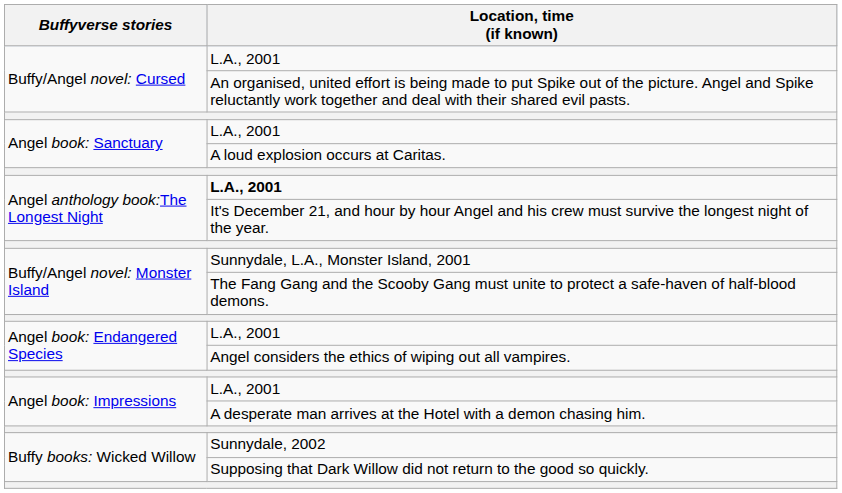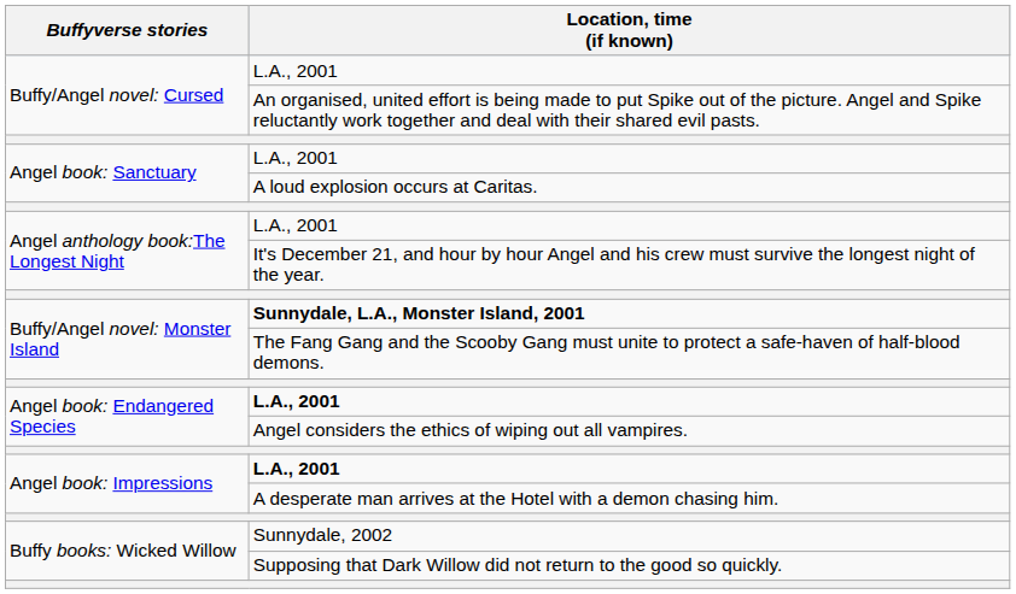 <table class="wikitable">
 <tr bgcolor="lightsteelblue" align=left>
 <th><strong><em>Buffyverse<em> stories<strong></th>
 <th></strong>Location, time<strong> <br>  (if known)</th>
 </tr>
 <tr>
 <td rowspan="2"></em>Buffy/Angel<em> novel: </em><a href='#'>Cursed</a><em></td>
 <td>L.A., 2001</td>
 </tr>
 <tr>
 <td colspan="4">An organised, united effort is being made to put Spike out of the picture. Angel and Spike reluctantly work together and deal with their shared evil pasts.</td>
 </tr>
 <tr>
 <td colspan="6" bgcolor="#f2f2f2"></td>
 </tr>
 <tr>
 <td rowspan="2"></em>Angel<em> book: </em><a href='#'>Sanctuary</a><em></td>
 <td>L.A., 2001</td>
 </tr>
 <tr>
 <td colspan="4">A loud explosion occurs at Caritas.</td>
 </tr>
 <tr>
 <td colspan="6" bgcolor="#f2f2f2"></td>
 </tr>
 <tr>
 <td rowspan="2"></em>Angel<em> anthology book:</em><a href='#'>The Longest Night</a><em></td>
-<td><strong>L.A., 2001</strong></td>
+<td>L.A., 2001</td>
 </tr>
 <tr>
 <td colspan="4">It's December 21, and hour by hour Angel and his crew must survive the longest night of the year.</td>
 </tr>
 <tr>
 <td colspan="6" bgcolor="#f2f2f2"></td>
 </tr>
 <tr>
 <td rowspan="2"></em>Buffy/Angel<em> novel: </em><a href='#'>Monster Island</a><em></td>
-<td>Sunnydale, L.A., Monster Island, 2001</td>
+<td><strong>Sunnydale, L.A., Monster Island, 2001</strong></td>
 </tr>
 <tr>
 <td colspan="4">The Fang Gang and the Scooby Gang must unite to protect a safe-haven of half-blood demons.</td>
 </tr>
 <tr>
 <td colspan="6" bgcolor="#f2f2f2"></td>
 </tr>
 <tr>
 <td rowspan="2"></em>Angel<em> book: </em><a href='#'>Endangered Species</a><em></td>
-<td>L.A., 2001</td>
+<td><strong>L.A., 2001</strong></td>
 </tr>
 <tr>
 <td colspan="4">Angel considers the ethics of wiping out all vampires.</td>
 </tr>
 <tr>
 <td colspan="6" bgcolor="#f2f2f2"></td>
 </tr>
 <tr>
 <td rowspan="2"></em>Angel<em> book: </em><a href='#'>Impressions</a><em></td>
-<td>L.A., 2001</td>
+<td><strong>L.A., 2001</strong></td>
 </tr>
 <tr>
 <td colspan="4">A desperate man arrives at the Hotel with a demon chasing him.</td>
 </tr>
 <tr>
 <td colspan="6" bgcolor="#f2f2f2"></td>
 </tr>
 <tr>
 <td rowspan="2"></em>Buffy<em> books: </em>Wicked Willow<em></td>
 <td>Sunnydale, 2002</td>
 </tr>
 <tr>
 <td colspan="4">Supposing that Dark Willow did not return to the good so quickly.</td>
 </tr>
 <tr>
 <td colspan="6" bgcolor="#f2f2f2"></td>
 </tr>
 </table>
